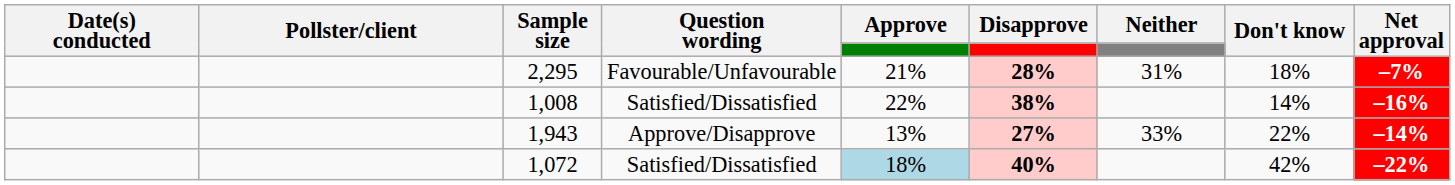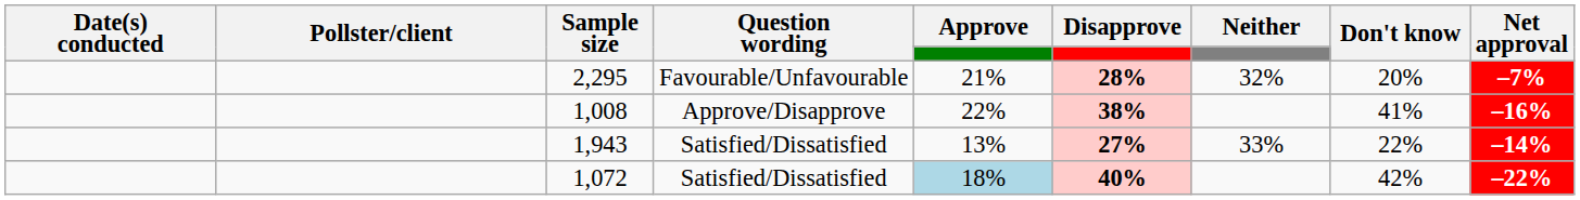 <table class="wikitable collapsible sortable mw-datatable" style="text-align:center;font-size:95%;line-height:14px;">
 <tr>
 <th style="width:125px;" rowspan="2">Date(s)<br>conducted</th>
 <th style="width:200px;" rowspan="2">Pollster/client</th>
 <th style="width:60px;" rowspan="2">Sample size</th>
 <th style="width:120px;" rowspan="2">Question<br>wording</th>
 <th class="unsortable" style="width:80px;">Approve</th>
 <th class="unsortable" style="width: 80px;">Disapprove</th>
 <th class="unsortable" style="width:80px;">Neither</th>
 <th class="unsortable" style="width:80px;" rowspan="2">Don't know</th>
 <th class="unsortable" style="width:20px;" rowspan="2">Net approval</th>
 </tr>
 <tr>
 <th class="unsortable" style="color:inherit;background:green;width:60px;"></th>
 <th class="unsortable" style="color:inherit;background:red;width:60px;"></th>
 <th class="unsortable" style="background:grey;width:60px;"></th>
 </tr>
 <tr>
 <td></td>
 <td></td>
 <td>2,295</td>
 <td>Favourable/Unfavourable</td>
 <td>21%</td>
 <td style="background:#ffcccb"><strong>28%</strong></td>
-<td>31%</td>
-<td>18%</td>
+<td>32%</td>
+<td>20%</td>
 <td style="background:red;color:white"><strong>–7%</strong></td>
 </tr>
 <tr>
 <td></td>
 <td></td>
 <td>1,008</td>
-<td>Satisfied/Dissatisfied</td>
+<td>Approve/Disapprove</td>
 <td>22%</td>
 <td style="background:#ffcccb"><strong>38%</strong></td>
 <td></td>
-<td>14%</td>
+<td>41%</td>
 <td style="background:red;color:white"><strong>–16%</strong></td>
 </tr>
 <tr>
 <td></td>
 <td></td>
 <td>1,943</td>
-<td>Approve/Disapprove</td>
+<td>Satisfied/Dissatisfied</td>
 <td>13%</td>
 <td style="background:#ffcccb"><strong>27%</strong></td>
 <td>33%</td>
 <td>22%</td>
 <td style="background:red;color:white"><strong>–14%</strong></td>
 </tr>
 <tr>
 <td></td>
 <td></td>
 <td>1,072</td>
 <td>Satisfied/Dissatisfied</td>
 <td style="background: lightblue;">18%</td>
 <td style="background:#ffcccb"><strong>40%</strong></td>
 <td></td>
 <td>42%</td>
 <td style="background:red;color:white"><strong>–22%</strong></td>
 </tr>
 </table>
